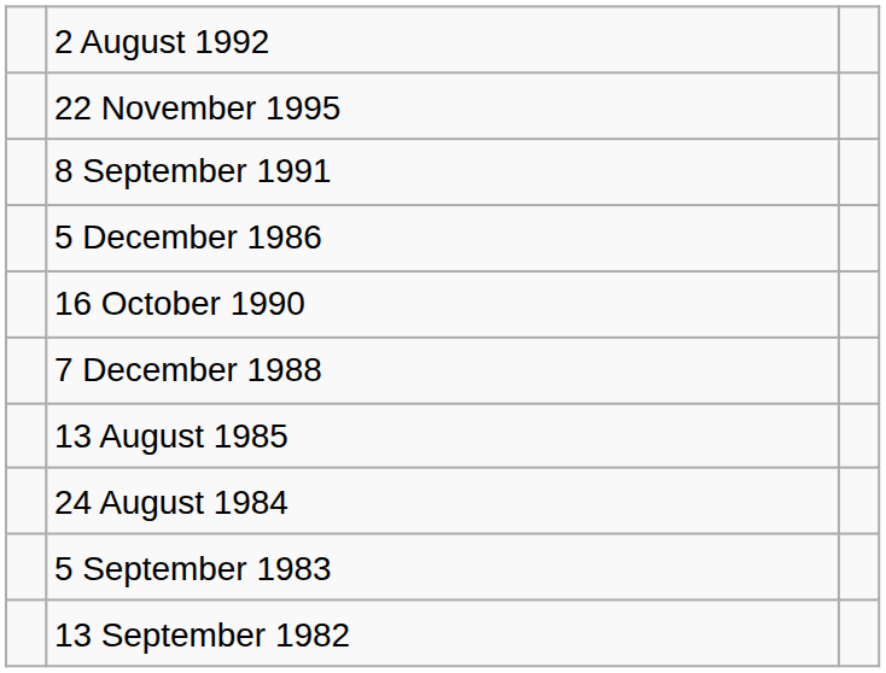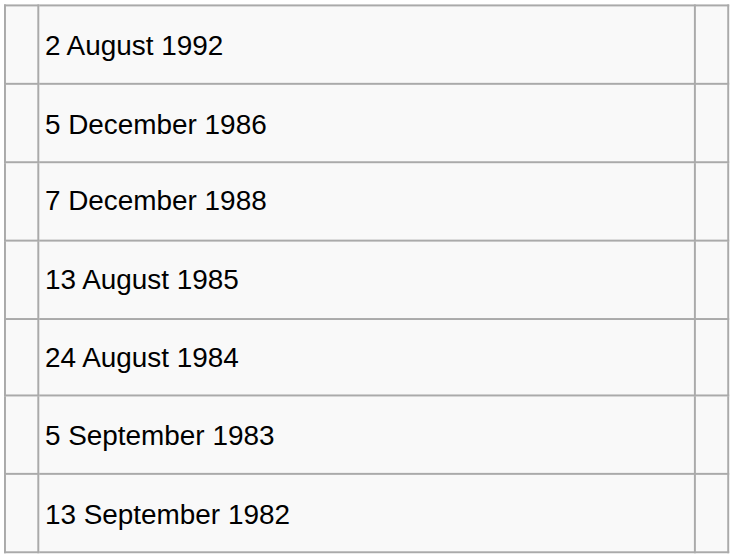 <table class="wikitable" style="font-size: 89%; float: left; width: 26em; margin-right: 1em; height: 280px;">
 <tr>
 <td></td>
 <td>2 August 1992</td>
 <td></td>
 </tr>
 <tr>
 <td></td>
-<td>22 November 1995</td>
-<td></td>
-</tr>
-<tr>
-<td></td>
-<td>8 September 1991</td>
-<td></td>
-</tr>
-<tr>
-<td></td>
 <td>5 December 1986</td>
-<td></td>
-</tr>
-<tr>
-<td></td>
-<td>16 October 1990</td>
 <td></td>
 </tr>
 <tr>
 <td></td>
 <td>7 December 1988</td>
 <td></td>
 </tr>
 <tr>
 <td></td>
 <td>13 August 1985</td>
 <td></td>
 </tr>
 <tr>
 <td></td>
 <td>24 August 1984</td>
 <td></td>
 </tr>
 <tr>
 <td></td>
 <td>5 September 1983</td>
 <td></td>
 </tr>
 <tr>
 <td></td>
 <td>13 September 1982</td>
 <td></td>
 </tr>
 </table>
